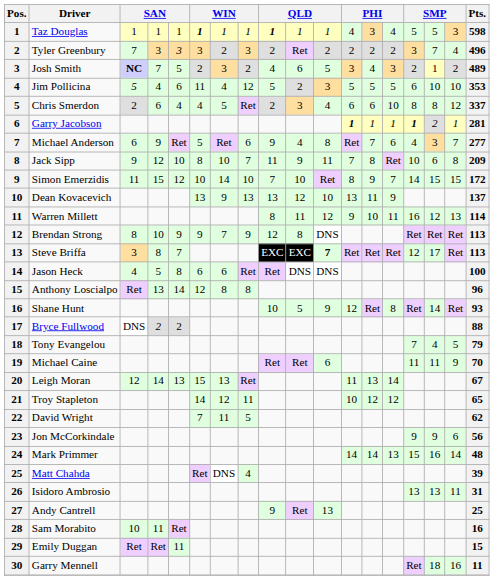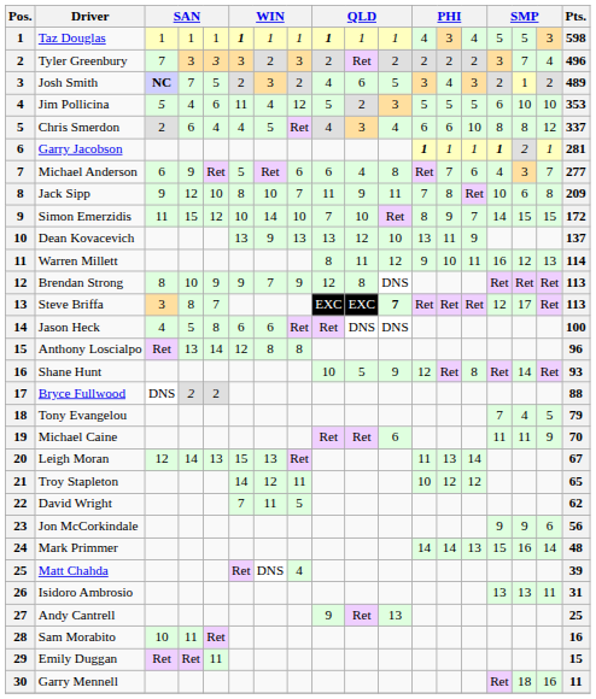 <table class="wikitable" style="font-size: 85%; text-align: center;">
 <tr>
 <th>Pos.</th>
 <th>Driver</th>
 <th colspan="3"><a href='#'>SAN</a><br></th>
 <th colspan="3"><a href='#'>WIN</a><br></th>
 <th colspan="3"><a href='#'>QLD</a><br></th>
 <th colspan="3"><a href='#'>PHI</a><br></th>
 <th colspan="3"><a href='#'>SMP</a><br></th>
 <th>Pts.</th>
 </tr>
 <tr>
 <th>1</th>
 <td align="left"><a href='#'>Taz Douglas</a></td>
 <td style="background:#ffffbf;">1</td>
 <td style="background:#ffffbf;">1</td>
 <td style="background:#ffffbf;">1</td>
 <td style="background:#ffffbf;"><strong><em>1</em></strong></td>
 <td style="background:#ffffbf;"><em>1</em></td>
 <td style="background:#ffffbf;"><em>1</em></td>
 <td style="background:#ffffbf;"><strong><em>1</em></strong></td>
 <td style="background:#ffffbf;"><em>1</em></td>
 <td style="background:#ffffbf;"><em>1</em></td>
 <td style="background:#dfffdf;">4</td>
 <td style="background:#ffdf9f;">3</td>
 <td style="background:#dfffdf;">4</td>
 <td style="background:#dfffdf;">5</td>
 <td style="background:#dfffdf;">5</td>
 <td style="background:#ffdf9f;">3</td>
 <th>598</th>
 </tr>
 <tr>
 <th>2</th>
 <td align="left">Tyler Greenbury</td>
 <td style="background:#dfffdf;">7</td>
 <td style="background:#ffdf9f;">3</td>
 <td style="background:#ffdf9f;"><em>3</em></td>
 <td style="background:#ffdf9f;">3</td>
 <td style="background:#dfdfdf;">2</td>
 <td style="background:#ffdf9f;">3</td>
 <td style="background:#dfdfdf;">2</td>
 <td style="background:#efcfff;">Ret</td>
 <td style="background:#dfdfdf;">2</td>
 <td style="background:#dfdfdf;">2</td>
 <td style="background:#dfdfdf;">2</td>
 <td style="background:#dfdfdf;">2</td>
 <td style="background:#ffdf9f;">3</td>
 <td style="background:#dfffdf;">7</td>
 <td style="background:#dfffdf;">4</td>
 <th>496</th>
 </tr>
 <tr>
 <th>3</th>
 <td align="left">Josh Smith</td>
 <td style="background:#cfcfff;"><strong>NC</strong></td>
 <td style="background:#dfffdf;">7</td>
 <td style="background:#dfffdf;">5</td>
 <td style="background:#dfdfdf;">2</td>
 <td style="background:#ffdf9f;">3</td>
 <td style="background:#dfdfdf;">2</td>
 <td style="background:#dfffdf;">4</td>
 <td style="background:#dfffdf;">6</td>
 <td style="background:#dfffdf;">5</td>
 <td style="background:#ffdf9f;">3</td>
 <td style="background:#dfffdf;">4</td>
 <td style="background:#ffdf9f;">3</td>
 <td style="background:#dfdfdf;">2</td>
 <td style="background:#ffffbf;">1</td>
 <td style="background:#dfdfdf;">2</td>
 <th>489</th>
 </tr>
 <tr>
 <th>4</th>
 <td align="left">Jim Pollicina</td>
 <td style="background:#dfffdf;"><em>5</em></td>
 <td style="background:#dfffdf;">4</td>
 <td style="background:#dfffdf;">6</td>
 <td style="background:#dfffdf;">11</td>
 <td style="background:#dfffdf;">4</td>
 <td style="background:#dfffdf;">12</td>
 <td style="background:#dfffdf;">5</td>
 <td style="background:#dfdfdf;">2</td>
 <td style="background:#ffdf9f;">3</td>
 <td style="background:#dfffdf;">5</td>
 <td style="background:#dfffdf;">5</td>
 <td style="background:#dfffdf;">5</td>
 <td style="background:#dfffdf;">6</td>
 <td style="background:#dfffdf;">10</td>
 <td style="background:#dfffdf;">10</td>
 <th>353</th>
 </tr>
 <tr>
 <th>5</th>
 <td align="left">Chris Smerdon</td>
 <td style="background:#dfdfdf;">2</td>
 <td style="background:#dfffdf;">6</td>
 <td style="background:#dfffdf;">4</td>
 <td style="background:#dfffdf;">4</td>
 <td style="background:#dfffdf;">5</td>
 <td style="background:#efcfff;">Ret</td>
-<td style="background:#dfdfdf;">2</td>
+<td style="background:#dfdfdf;">4</td>
 <td style="background:#ffdf9f;">3</td>
 <td style="background:#dfffdf;">4</td>
 <td style="background:#dfffdf;">6</td>
 <td style="background:#dfffdf;">6</td>
 <td style="background:#dfffdf;">10</td>
 <td style="background:#dfffdf;">8</td>
 <td style="background:#dfffdf;">8</td>
 <td style="background:#dfffdf;">12</td>
 <th>337</th>
 </tr>
 <tr>
 <th>6</th>
 <td align="left"><a href='#'>Garry Jacobson</a></td>
 <td></td>
 <td></td>
 <td></td>
 <td></td>
 <td></td>
 <td></td>
 <td></td>
 <td></td>
 <td></td>
 <td style="background:#ffffbf;"><strong><em>1</em></strong></td>
 <td style="background:#ffffbf;"><em>1</em></td>
 <td style="background:#ffffbf;"><em>1</em></td>
 <td style="background:#ffffbf;"><strong><em>1</em></strong></td>
 <td style="background:#dfdfdf;"><em>2</em></td>
 <td style="background:#ffffbf;"><em>1</em></td>
 <th>281</th>
 </tr>
 <tr>
 <th>7</th>
 <td align="left">Michael Anderson</td>
 <td style="background:#dfffdf;">6</td>
 <td style="background:#dfffdf;">9</td>
 <td style="background:#efcfff;">Ret</td>
 <td style="background:#dfffdf;">5</td>
 <td style="background:#efcfff;">Ret</td>
 <td style="background:#dfffdf;">6</td>
-<td style="background:#dfffdf;">9</td>
+<td style="background:#dfffdf;">6</td>
 <td style="background:#dfffdf;">4</td>
 <td style="background:#dfffdf;">8</td>
 <td style="background:#efcfff;">Ret</td>
 <td style="background:#dfffdf;">7</td>
 <td style="background:#dfffdf;">6</td>
 <td style="background:#dfffdf;">4</td>
 <td style="background:#ffdf9f;">3</td>
 <td style="background:#dfffdf;">7</td>
 <th>277</th>
 </tr>
 <tr>
 <th>8</th>
 <td align="left">Jack Sipp</td>
 <td style="background:#dfffdf;">9</td>
 <td style="background:#dfffdf;">12</td>
 <td style="background:#dfffdf;">10</td>
 <td style="background:#dfffdf;">8</td>
 <td style="background:#dfffdf;">10</td>
 <td style="background:#dfffdf;">7</td>
 <td style="background:#dfffdf;">11</td>
 <td style="background:#dfffdf;">9</td>
 <td style="background:#dfffdf;">11</td>
 <td style="background:#dfffdf;">7</td>
 <td style="background:#dfffdf;">8</td>
 <td style="background:#efcfff;">Ret</td>
 <td style="background:#dfffdf;">10</td>
 <td style="background:#dfffdf;">6</td>
 <td style="background:#dfffdf;">8</td>
 <th>209</th>
 </tr>
 <tr>
 <th>9</th>
 <td align="left">Simon Emerzidis</td>
 <td style="background:#dfffdf;">11</td>
 <td style="background:#dfffdf;">15</td>
 <td style="background:#dfffdf;">12</td>
 <td style="background:#dfffdf;">10</td>
 <td style="background:#dfffdf;">14</td>
 <td style="background:#dfffdf;">10</td>
 <td style="background:#dfffdf;">7</td>
 <td style="background:#dfffdf;">10</td>
 <td style="background:#efcfff;">Ret</td>
 <td style="background:#dfffdf;">8</td>
 <td style="background:#dfffdf;">9</td>
 <td style="background:#dfffdf;">7</td>
 <td style="background:#dfffdf;">14</td>
 <td style="background:#dfffdf;">15</td>
 <td style="background:#dfffdf;">15</td>
 <th>172</th>
 </tr>
 <tr>
 <th>10</th>
 <td align="left">Dean Kovacevich</td>
 <td></td>
 <td></td>
 <td></td>
 <td style="background:#dfffdf;">13</td>
 <td style="background:#dfffdf;">9</td>
 <td style="background:#dfffdf;">13</td>
 <td style="background:#dfffdf;">13</td>
 <td style="background:#dfffdf;">12</td>
 <td style="background:#dfffdf;">10</td>
 <td style="background:#dfffdf;">13</td>
 <td style="background:#dfffdf;">11</td>
 <td style="background:#dfffdf;">9</td>
 <td></td>
 <td></td>
 <td></td>
 <th>137</th>
 </tr>
 <tr>
 <th>11</th>
 <td align="left">Warren Millett</td>
 <td></td>
 <td></td>
 <td></td>
 <td></td>
 <td></td>
 <td></td>
 <td style="background:#dfffdf;">8</td>
 <td style="background:#dfffdf;">11</td>
 <td style="background:#dfffdf;">12</td>
 <td style="background:#dfffdf;">9</td>
 <td style="background:#dfffdf;">10</td>
 <td style="background:#dfffdf;">11</td>
 <td style="background:#dfffdf;">16</td>
 <td style="background:#dfffdf;">12</td>
 <td style="background:#dfffdf;">13</td>
 <th>114</th>
 </tr>
 <tr>
 <th>12</th>
 <td align="left">Brendan Strong</td>
 <td style="background:#dfffdf;">8</td>
 <td style="background:#dfffdf;">10</td>
 <td style="background:#dfffdf;">9</td>
 <td style="background:#dfffdf;">9</td>
 <td style="background:#dfffdf;">7</td>
 <td style="background:#dfffdf;">9</td>
 <td style="background:#dfffdf;">12</td>
 <td style="background:#dfffdf;">8</td>
 <td style="background:#ffffff;">DNS</td>
 <td></td>
 <td></td>
 <td></td>
 <td style="background:#efcfff;">Ret</td>
 <td style="background:#efcfff;">Ret</td>
 <td style="background:#efcfff;">Ret</td>
 <th>113</th>
 </tr>
 <tr>
 <th>13</th>
 <td align="left">Steve Briffa</td>
 <td style="background:#ffdf9f;">3</td>
 <td style="background:#dfffdf;">8</td>
 <td style="background:#dfffdf;">7</td>
 <td></td>
 <td></td>
 <td></td>
 <td style="background:#000000; color:white;">EXC</td>
 <td style="background:#000000; color:white;">EXC</td>
 <td style="background:#dfffdf;"><strong>7</strong></td>
 <td style="background:#efcfff;">Ret</td>
 <td style="background:#efcfff;">Ret</td>
 <td style="background:#efcfff;">Ret</td>
 <td style="background:#dfffdf;">12</td>
 <td style="background:#dfffdf;">17</td>
 <td style="background:#efcfff;">Ret</td>
 <th>113</th>
 </tr>
 <tr>
 <th>14</th>
 <td align="left">Jason Heck</td>
 <td style="background:#dfffdf;">4</td>
 <td style="background:#dfffdf;">5</td>
 <td style="background:#dfffdf;">8</td>
 <td style="background:#dfffdf;">6</td>
 <td style="background:#dfffdf;">6</td>
 <td style="background:#efcfff;">Ret</td>
 <td style="background:#efcfff;">Ret</td>
 <td style="background:#ffffff;">DNS</td>
 <td style="background:#ffffff;">DNS</td>
 <td></td>
 <td></td>
 <td></td>
 <td></td>
 <td></td>
 <td></td>
 <th>100</th>
 </tr>
 <tr>
 <th>15</th>
 <td align="left">Anthony Loscialpo</td>
 <td style="background:#efcfff;">Ret</td>
 <td style="background:#dfffdf;">13</td>
 <td style="background:#dfffdf;">14</td>
 <td style="background:#dfffdf;">12</td>
 <td style="background:#dfffdf;">8</td>
 <td style="background:#dfffdf;">8</td>
 <td></td>
 <td></td>
 <td></td>
 <td></td>
 <td></td>
 <td></td>
 <td></td>
 <td></td>
 <td></td>
 <th>96</th>
 </tr>
 <tr>
 <th>16</th>
 <td align="left">Shane Hunt</td>
 <td></td>
 <td></td>
 <td></td>
 <td></td>
 <td></td>
 <td></td>
 <td style="background:#dfffdf;">10</td>
 <td style="background:#dfffdf;">5</td>
 <td style="background:#dfffdf;">9</td>
 <td style="background:#dfffdf;">12</td>
 <td style="background:#efcfff;">Ret</td>
 <td style="background:#dfffdf;">8</td>
 <td style="background:#efcfff;">Ret</td>
 <td style="background:#dfffdf;">14</td>
 <td style="background:#efcfff;">Ret</td>
 <th>93</th>
 </tr>
 <tr>
 <th>17</th>
 <td align="left"><a href='#'>Bryce Fullwood</a></td>
 <td style="background:#ffffff;">DNS</td>
 <td style="background:#dfdfdf;"><em>2</em></td>
 <td style="background:#dfdfdf;">2</td>
 <td></td>
 <td></td>
 <td></td>
 <td></td>
 <td></td>
 <td></td>
 <td></td>
 <td></td>
 <td></td>
 <td></td>
 <td></td>
 <td></td>
 <th>88</th>
 </tr>
 <tr>
 <th>18</th>
 <td align="left">Tony Evangelou</td>
 <td></td>
 <td></td>
 <td></td>
 <td></td>
 <td></td>
 <td></td>
 <td></td>
 <td></td>
 <td></td>
 <td></td>
 <td></td>
 <td></td>
 <td style="background:#dfffdf;">7</td>
 <td style="background:#dfffdf;">4</td>
 <td style="background:#dfffdf;">5</td>
 <th>79</th>
 </tr>
 <tr>
 <th>19</th>
 <td align="left">Michael Caine</td>
 <td></td>
 <td></td>
 <td></td>
 <td></td>
 <td></td>
 <td></td>
 <td style="background:#efcfff;">Ret</td>
 <td style="background:#efcfff;">Ret</td>
 <td style="background:#dfffdf;">6</td>
 <td></td>
 <td></td>
 <td></td>
 <td style="background:#dfffdf;">11</td>
 <td style="background:#dfffdf;">11</td>
 <td style="background:#dfffdf;">9</td>
 <th>70</th>
 </tr>
 <tr>
 <th>20</th>
 <td align="left">Leigh Moran</td>
 <td style="background:#dfffdf;">12</td>
 <td style="background:#dfffdf;">14</td>
 <td style="background:#dfffdf;">13</td>
 <td style="background:#dfffdf;">15</td>
 <td style="background:#dfffdf;">13</td>
 <td style="background:#efcfff;">Ret</td>
 <td></td>
 <td></td>
 <td></td>
 <td style="background:#dfffdf;">11</td>
 <td style="background:#dfffdf;">13</td>
 <td style="background:#dfffdf;">14</td>
 <td></td>
 <td></td>
 <td></td>
 <th>67</th>
 </tr>
 <tr>
 <th>21</th>
 <td align="left">Troy Stapleton</td>
 <td></td>
 <td></td>
 <td></td>
 <td style="background:#dfffdf;">14</td>
 <td style="background:#dfffdf;">12</td>
 <td style="background:#dfffdf;">11</td>
 <td></td>
 <td></td>
 <td></td>
 <td style="background:#dfffdf;">10</td>
 <td style="background:#dfffdf;">12</td>
 <td style="background:#dfffdf;">12</td>
 <td></td>
 <td></td>
 <td></td>
 <th>65</th>
 </tr>
 <tr>
 <th>22</th>
 <td align="left">David Wright</td>
 <td></td>
 <td></td>
 <td></td>
 <td style="background:#dfffdf;">7</td>
 <td style="background:#dfffdf;">11</td>
 <td style="background:#dfffdf;">5</td>
 <td></td>
 <td></td>
 <td></td>
 <td></td>
 <td></td>
 <td></td>
 <td></td>
 <td></td>
 <td></td>
 <th>62</th>
 </tr>
 <tr>
 <th>23</th>
 <td align="left">Jon McCorkindale</td>
 <td></td>
 <td></td>
 <td></td>
 <td></td>
 <td></td>
 <td></td>
 <td></td>
 <td></td>
 <td></td>
 <td></td>
 <td></td>
 <td></td>
 <td style="background:#dfffdf;">9</td>
 <td style="background:#dfffdf;">9</td>
 <td style="background:#dfffdf;">6</td>
 <th>56</th>
 </tr>
 <tr>
 <th>24</th>
 <td align="left">Mark Primmer</td>
 <td></td>
 <td></td>
 <td></td>
 <td></td>
 <td></td>
 <td></td>
 <td></td>
 <td></td>
 <td></td>
 <td style="background:#dfffdf;">14</td>
 <td style="background:#dfffdf;">14</td>
 <td style="background:#dfffdf;">13</td>
 <td style="background:#dfffdf;">15</td>
 <td style="background:#dfffdf;">16</td>
 <td style="background:#dfffdf;">14</td>
 <th>48</th>
 </tr>
 <tr>
 <th>25</th>
 <td align="left"><a href='#'>Matt Chahda</a></td>
 <td></td>
 <td></td>
 <td></td>
 <td style="background:#efcfff;">Ret</td>
 <td style="background:#ffffff;">DNS</td>
 <td style="background:#dfffdf;">4</td>
 <td></td>
 <td></td>
 <td></td>
 <td></td>
 <td></td>
 <td></td>
 <td></td>
 <td></td>
 <td></td>
 <th>39</th>
 </tr>
 <tr>
 <th>26</th>
 <td align="left">Isidoro Ambrosio</td>
 <td></td>
 <td></td>
 <td></td>
 <td></td>
 <td></td>
 <td></td>
 <td></td>
 <td></td>
 <td></td>
 <td></td>
 <td></td>
 <td></td>
 <td style="background:#dfffdf;">13</td>
 <td style="background:#dfffdf;">13</td>
 <td style="background:#dfffdf;">11</td>
 <th>31</th>
 </tr>
 <tr>
 <th>27</th>
 <td align="left">Andy Cantrell</td>
 <td></td>
 <td></td>
 <td></td>
 <td></td>
 <td></td>
 <td></td>
 <td style="background:#dfffdf;">9</td>
 <td style="background:#efcfff;">Ret</td>
 <td style="background:#dfffdf;">13</td>
 <td></td>
 <td></td>
 <td></td>
 <td></td>
 <td></td>
 <td></td>
 <th>25</th>
 </tr>
 <tr>
 <th>28</th>
 <td align="left">Sam Morabito</td>
 <td style="background:#dfffdf;">10</td>
 <td style="background:#dfffdf;">11</td>
 <td style="background:#efcfff;">Ret</td>
 <td></td>
 <td></td>
 <td></td>
 <td></td>
 <td></td>
 <td></td>
 <td></td>
 <td></td>
 <td></td>
 <td></td>
 <td></td>
 <td></td>
 <th>16</th>
 </tr>
 <tr>
 <th>29</th>
 <td align="left">Emily Duggan</td>
 <td style="background:#efcfff;">Ret</td>
 <td style="background:#efcfff;">Ret</td>
 <td style="background:#dfffdf;">11</td>
 <td></td>
 <td></td>
 <td></td>
 <td></td>
 <td></td>
 <td></td>
 <td></td>
 <td></td>
 <td></td>
 <td></td>
 <td></td>
 <td></td>
 <th>15</th>
 </tr>
 <tr>
 <th>30</th>
 <td align="left">Garry Mennell</td>
 <td></td>
 <td></td>
 <td></td>
 <td></td>
 <td></td>
 <td></td>
 <td></td>
 <td></td>
 <td></td>
 <td></td>
 <td></td>
 <td></td>
 <td style="background:#efcfff;">Ret</td>
 <td style="background:#dfffdf;">18</td>
 <td style="background:#dfffdf;">16</td>
 <th>11</th>
 </tr>
 <tr>
 </tr>
 </table>
